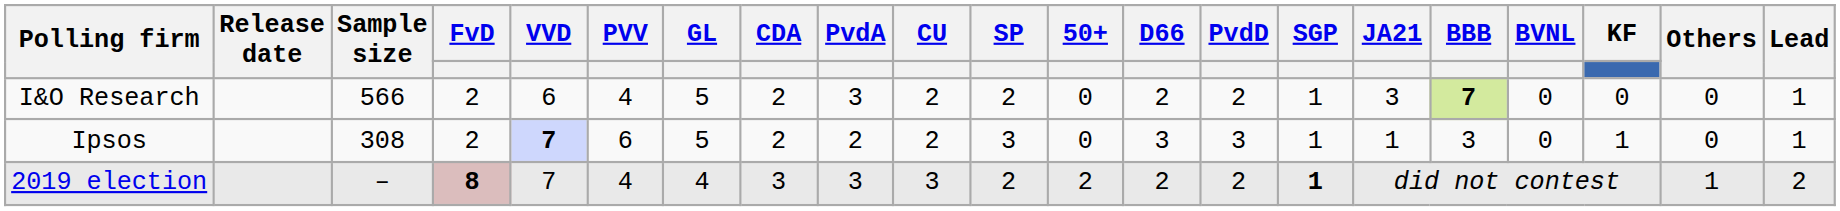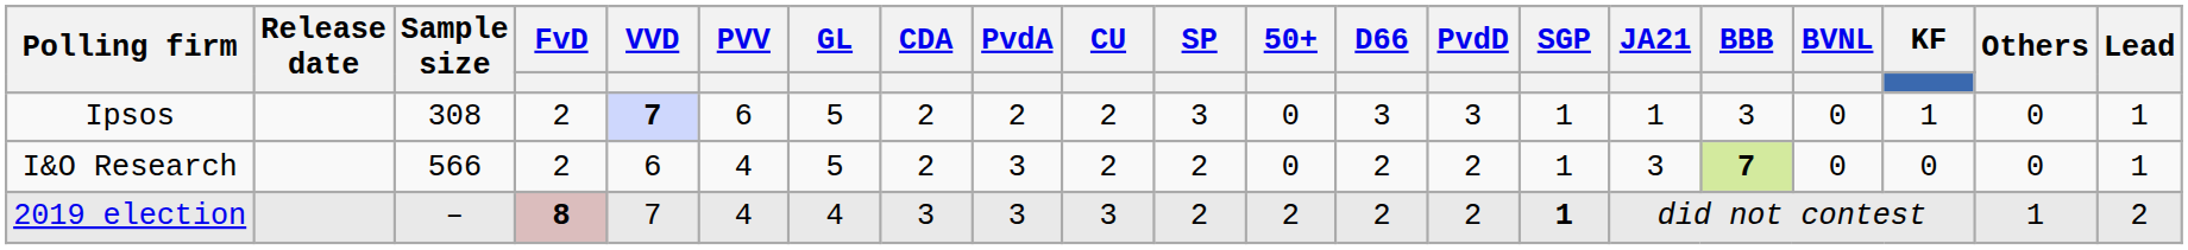 <table class="wikitable sortable tpl-blanktable" style="text-align:center;font-size:90%;line-height:14px;">
 <tr>
 <th rowspan="2">Polling firm</th>
 <th rowspan="2">Release<br>date</th>
 <th rowspan="2">Sample<br>size</th>
 <th class="unsortable" style="width:30px;"><a href='#'>FvD</a></th>
 <th class="unsortable" style="width:30px;"><a href='#'>VVD</a></th>
 <th class="unsortable" style="width:30px;"><a href='#'>PVV</a></th>
 <th class="unsortable" style="width:30px;"><a href='#'>GL</a></th>
 <th class="unsortable" style="width:30px;"><a href='#'>CDA</a></th>
 <th class="unsortable" style="width:30px;"><a href='#'>PvdA</a></th>
 <th class="unsortable" style="width:30px;"><a href='#'>CU</a></th>
 <th class="unsortable" style="width:30px;"><a href='#'>SP</a></th>
 <th class="unsortable" style="width:30px;"><a href='#'>50+</a></th>
 <th class="unsortable" style="width:30px;"><a href='#'>D66</a></th>
 <th class="unsortable" style="width:30px;"><a href='#'>PvdD</a></th>
 <th class="unsortable" style="width:30px;"><a href='#'>SGP</a></th>
 <th class="unsortable" style="width:30px;"><a href='#'>JA21</a></th>
 <th class="unsortable" style="width:30px;"><a href='#'>BBB</a></th>
 <th class="unsortable" style="width:30px;"><a href='#'>BVNL</a></th>
 <th class="unsortable" style="width:30px;">KF </th>
 <th class="unsortable" style="width:30px;" rowspan="2">Others</th>
 <th rowspan="2">Lead</th>
 </tr>
 <tr>
 <th data-sort-type="number" style="background:"></th>
 <th data-sort-type="number" style="background:"></th>
 <th data-sort-type="number" style="background:"></th>
 <th data-sort-type="number" style="background:"></th>
 <th data-sort-type="number" style="background:"></th>
 <th data-sort-type="number" style="background:"></th>
 <th data-sort-type="number" style="background:"></th>
 <th data-sort-type="number" style="background:"></th>
 <th data-sort-type="number" style="background:"></th>
 <th data-sort-type="number" style="background:"></th>
 <th data-sort-type="number" style="background:"></th>
 <th data-sort-type="number" style="background:"></th>
 <th data-sort-type="number" style="background:"></th>
 <th data-sort-type="number" style="background:"></th>
 <th data-sort-type="number" style="background:"></th>
 <th data-sort-type="number" style="background:#3A69AF;"></th>
 </tr>
 <tr>
+<td>Ipsos</td>
+<td></td>
+<td>308</td>
+<td>2</td>
+<td style="background:#CED7FD;"><strong>7</strong></td>
+<td>6</td>
+<td>5</td>
+<td>2</td>
+<td>2</td>
+<td>2</td>
+<td>3</td>
+<td>0</td>
+<td>3</td>
+<td>3</td>
+<td>1</td>
+<td>1</td>
+<td>3</td>
+<td>0</td>
+<td>1</td>
+<td>0</td>
+<td style="background:">1</td>
+</tr>
+<tr>
 <td>I&O Research</td>
 <td></td>
 <td>566</td>
 <td>2</td>
 <td>6</td>
 <td>4</td>
 <td>5</td>
 <td>2</td>
 <td>3</td>
 <td>2</td>
 <td>2</td>
 <td>0</td>
 <td>2</td>
 <td>2</td>
 <td>1</td>
 <td>3</td>
 <td style="background:#d3ea9e;"><strong>7</strong></td>
 <td>0</td>
 <td>0</td>
-<td>0</td>
-<td style="background:">1</td>
-</tr>
-<tr>
-<td>Ipsos</td>
-<td></td>
-<td>308</td>
-<td>2</td>
-<td style="background:#CED7FD;"><strong>7</strong></td>
-<td>6</td>
-<td>5</td>
-<td>2</td>
-<td>2</td>
-<td>2</td>
-<td>3</td>
-<td>0</td>
-<td>3</td>
-<td>3</td>
-<td>1</td>
-<td>1</td>
-<td>3</td>
-<td>0</td>
-<td>1</td>
 <td>0</td>
 <td style="background:">1</td>
 </tr>
 <tr style="background:#E9E9E9;">
 <td><a href='#'>2019 election</a></td>
 <td></td>
 <td>–</td>
 <td style="background:#DBBDBD;"><strong>8</strong></td>
 <td>7</td>
 <td>4</td>
 <td>4</td>
 <td>3</td>
 <td>3</td>
 <td>3</td>
 <td>2</td>
 <td>2</td>
 <td>2</td>
 <td>2</td>
 <td><strong>1</strong></td>
 <td colspan=4><em>did not contest</em></td>
 <td>1</td>
 <td style="background:">2</td>
 </tr>
 </table>
